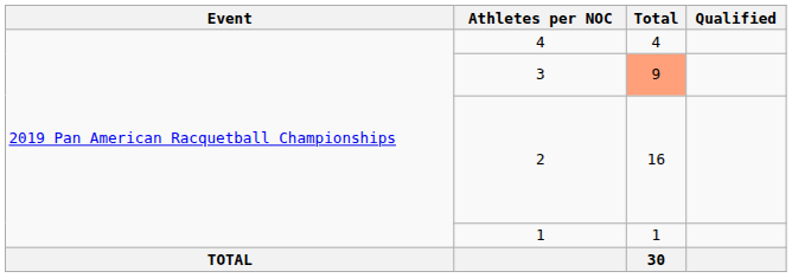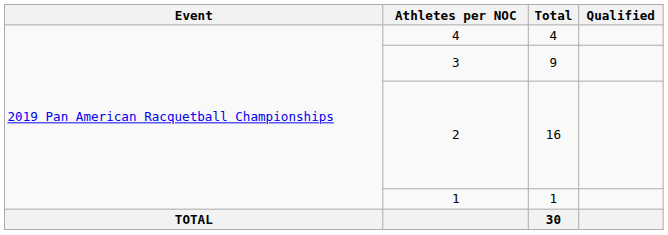 <table class="wikitable" width=680>
 <tr>
 <th>Event</th>
 <th>Athletes per NOC</th>
 <th>Total</th>
 <th>Qualified</th>
 </tr>
 <tr>
 <td rowspan="4"><a href='#'>2019 Pan American Racquetball Championships</a></td>
 <td align=center>4</td>
 <td align=center>4</td>
 <td></td>
 </tr>
 <tr>
 <td align=center>3</td>
-<td align=center style="background: lightsalmon;">9</td>
+<td align=center>9</td>
 <td><br><br></td>
 </tr>
 <tr>
 <td align=center>2</td>
 <td align=center>16</td>
 <td><br><br><br><br><br><br><br></td>
 </tr>
 <tr>
 <td align=center>1</td>
 <td align=center>1</td>
 <td></td>
 </tr>
 <tr>
 <th>TOTAL</th>
 <th></th>
 <th>30</th>
 <th></th>
 </tr>
 </table>
